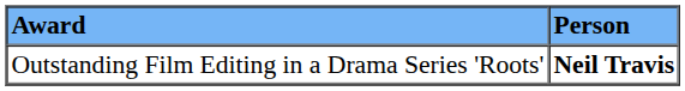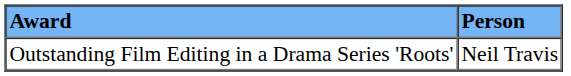 <table border="1" cellpadding="2" cellspacing="0" bgcolor="#000000">
 <tr>
 <td bgcolor="#75B5F6"><strong>Award</strong></td>
 <td bgcolor="#75B5F6"><strong>Person</strong></td>
 </tr>
 <tr>
 <td bgcolor="#ffffff">Outstanding Film Editing in a Drama Series 'Roots'</td>
-<td bgcolor="#ffffff"><strong>Neil Travis</strong></td>
+<td bgcolor="#ffffff">Neil Travis</td>
 </tr>
 </table>
